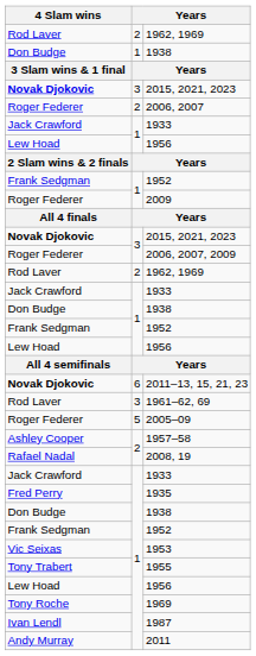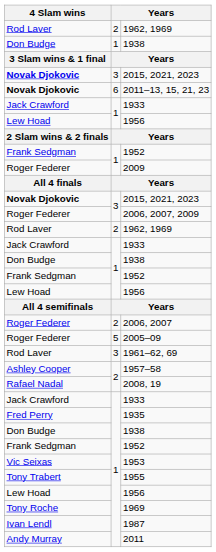 <table class=wikitable style="display:inline-table;">
 <tr>
 <th>4 Slam wins</th>
 <th colspan=2>Years</th>
 </tr>
 <tr>
 <td> <a href='#'>Rod Laver</a></td>
 <td>2</td>
 <td>1962, 1969</td>
 </tr>
 <tr>
 <td> <a href='#'>Don Budge</a></td>
 <td>1</td>
 <td>1938</td>
 </tr>
 <tr>
 <th>3 Slam wins & 1 final</th>
 <th colspan=2>Years</th>
 </tr>
 <tr>
 <td> <strong><a href='#'>Novak Djokovic</a></strong></td>
 <td>3</td>
 <td>2015, 2021, 2023</td>
 </tr>
 <tr>
-<td> <a href='#'>Roger Federer</a></td>
-<td>2</td>
-<td>2006, 2007</td>
+<td> <strong>Novak Djokovic</strong></td>
+<td>6</td>
+<td>2011–13, 15, 21, 23</td>
 </tr>
 <tr>
 <td> <a href='#'>Jack Crawford</a></td>
 <td rowspan=2>1</td>
 <td>1933</td>
 </tr>
 <tr>
 <td> <a href='#'>Lew Hoad</a></td>
 <td>1956</td>
 </tr>
 <tr>
 <th>2 Slam wins & 2 finals</th>
 <th colspan=2>Years</th>
 </tr>
 <tr>
 <td> <a href='#'>Frank Sedgman</a></td>
 <td rowspan=2>1</td>
 <td>1952</td>
 </tr>
 <tr>
 <td> Roger Federer</td>
 <td>2009</td>
 </tr>
 <tr>
 <th>All 4 finals</th>
 <th colspan=2>Years</th>
 </tr>
 <tr>
 <td> <strong>Novak Djokovic</strong></td>
 <td rowspan="2">3</td>
 <td>2015, 2021, 2023</td>
 </tr>
 <tr>
 <td> Roger Federer</td>
 <td>2006, 2007, 2009</td>
 </tr>
 <tr>
 <td> Rod Laver</td>
 <td>2</td>
 <td>1962, 1969</td>
 </tr>
 <tr>
 <td> Jack Crawford</td>
 <td rowspan=4>1</td>
 <td>1933</td>
 </tr>
 <tr>
 <td> Don Budge</td>
 <td>1938</td>
 </tr>
 <tr>
 <td> Frank Sedgman</td>
 <td>1952</td>
 </tr>
 <tr>
 <td> Lew Hoad</td>
 <td>1956</td>
 </tr>
 <tr>
 <th>All 4 semifinals</th>
 <th colspan=2>Years</th>
 </tr>
 <tr>
-<td> <strong>Novak Djokovic</strong></td>
-<td>6</td>
-<td>2011–13, 15, 21, 23</td>
+<td> <a href='#'>Roger Federer</a></td>
+<td>2</td>
+<td>2006, 2007</td>
+</tr>
+<tr>
+<td> Roger Federer</td>
+<td>5</td>
+<td>2005–09</td>
 </tr>
 <tr>
 <td> Rod Laver</td>
 <td>3</td>
 <td>1961–62, 69</td>
-</tr>
-<tr>
-<td> Roger Federer</td>
-<td>5</td>
-<td>2005–09</td>
 </tr>
 <tr>
 <td> <a href='#'>Ashley Cooper</a></td>
 <td rowspan=2>2</td>
 <td>1957–58</td>
 </tr>
 <tr>
 <td> <a href='#'>Rafael Nadal</a></td>
 <td>2008, 19</td>
 </tr>
 <tr>
 <td> Jack Crawford</td>
 <td rowspan=10>1</td>
 <td>1933</td>
 </tr>
 <tr>
 <td> <a href='#'>Fred Perry</a></td>
 <td>1935</td>
 </tr>
 <tr>
 <td> Don Budge</td>
 <td>1938</td>
 </tr>
 <tr>
 <td> Frank Sedgman</td>
 <td>1952</td>
 </tr>
 <tr>
 <td> <a href='#'>Vic Seixas</a></td>
 <td>1953</td>
 </tr>
 <tr>
 <td> <a href='#'>Tony Trabert</a></td>
 <td>1955</td>
 </tr>
 <tr>
 <td> Lew Hoad</td>
 <td>1956</td>
 </tr>
 <tr>
 <td> <a href='#'>Tony Roche</a></td>
 <td>1969</td>
 </tr>
 <tr>
 <td> <a href='#'>Ivan Lendl</a></td>
 <td>1987</td>
 </tr>
 <tr>
 <td> <a href='#'>Andy Murray</a></td>
 <td>2011</td>
 </tr>
 </table>
